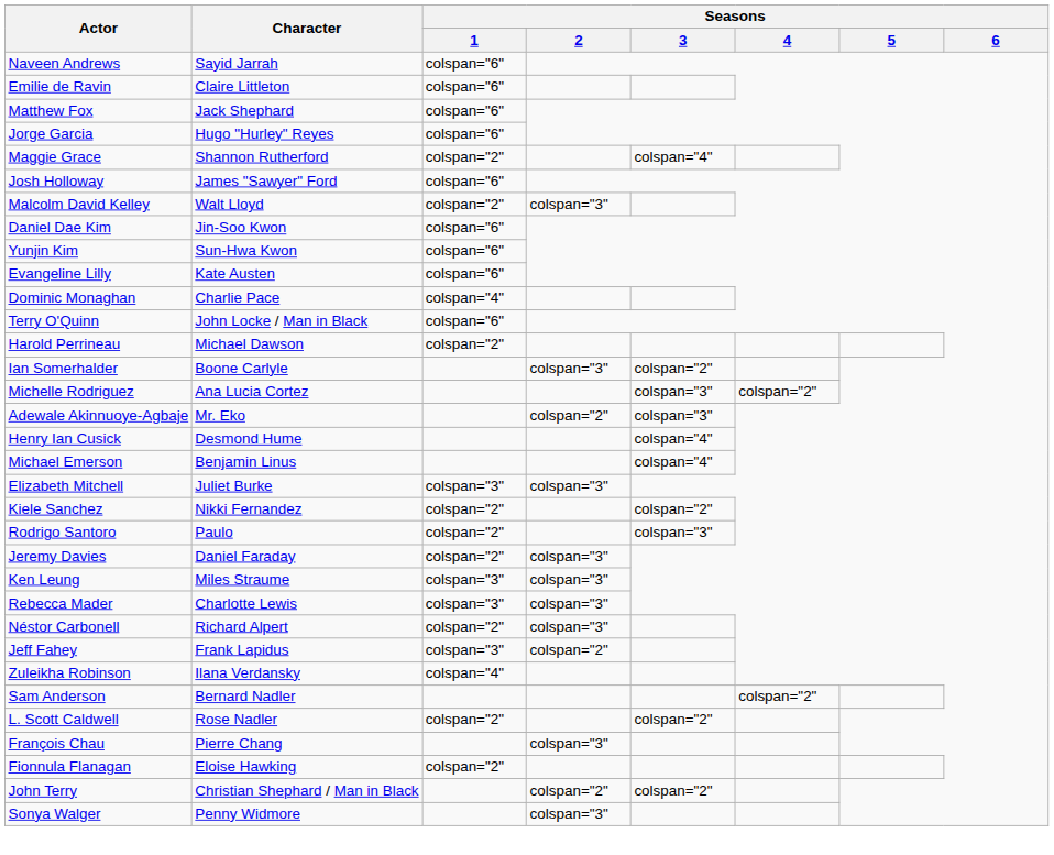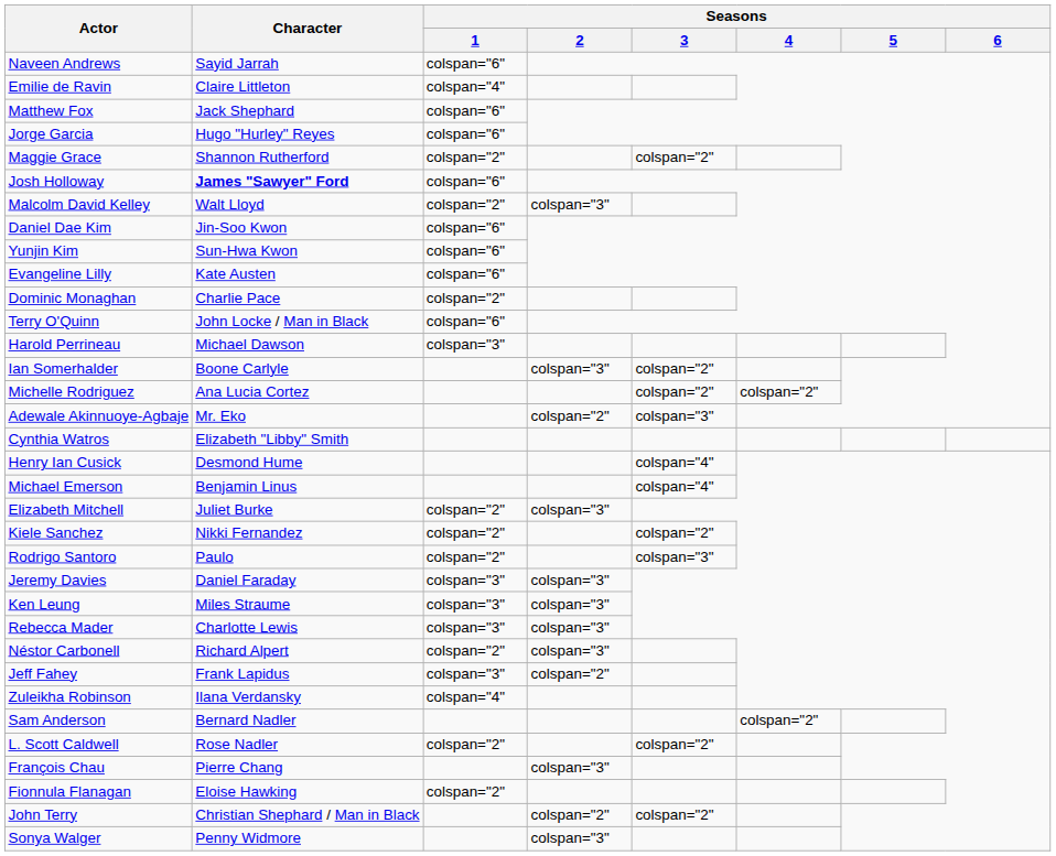 <table class="wikitable plainrowheaders">
 <tr>
 <th scope="col" rowspan="2">Actor</th>
 <th scope="col" rowspan="2">Character</th>
 <th scope="col" colspan="6">Seasons</th>
 </tr>
 <tr>
 <th scope="col" style="width:10%;"><a href='#'>1</a></th>
 <th scope="col" style="width:10%;"><a href='#'>2</a></th>
 <th scope="col" style="width:10%;"><a href='#'>3</a></th>
 <th scope="col" style="width:10%;"><a href='#'>4</a></th>
 <th scope="col" style="width:10%;"><a href='#'>5</a></th>
 <th scope="col" style="width:10%;"><a href='#'>6</a></th>
 </tr>
 <tr>
 <td scope="row"><a href='#'>Naveen Andrews</a></td>
 <td><a href='#'>Sayid Jarrah</a></td>
 <td>colspan="6" </td>
 </tr>
 <tr>
 <td scope="row"><a href='#'>Emilie de Ravin</a></td>
 <td><a href='#'>Claire Littleton</a></td>
-<td>colspan="6" </td>
+<td>colspan="4" </td>
 <td></td>
 <td></td>
 </tr>
 <tr>
 <td scope="row"><a href='#'>Matthew Fox</a></td>
 <td><a href='#'>Jack Shephard</a></td>
 <td>colspan="6" </td>
 </tr>
 <tr>
 <td scope="row"><a href='#'>Jorge Garcia</a></td>
 <td><a href='#'>Hugo "Hurley" Reyes</a></td>
 <td>colspan="6" </td>
 </tr>
 <tr .>
 <td scope="row"><a href='#'>Maggie Grace</a></td>
 <td><a href='#'>Shannon Rutherford</a></td>
 <td>colspan="2" </td>
 <td></td>
-<td>colspan="4" </td>
+<td>colspan="2" </td>
 <td></td>
 </tr>
 <tr>
 <td scope="row"><a href='#'>Josh Holloway</a></td>
-<td><a href='#'>James "Sawyer" Ford</a></td>
+<td><strong><a href='#'>James "Sawyer" Ford</a></strong></td>
 <td>colspan="6" </td>
 </tr>
 <tr>
 <td scope="row"><a href='#'>Malcolm David Kelley</a></td>
 <td><a href='#'>Walt Lloyd</a></td>
 <td>colspan="2" </td>
 <td>colspan="3" </td>
 <td></td>
 </tr>
 <tr>
 <td scope="row"><a href='#'>Daniel Dae Kim</a></td>
 <td><a href='#'>Jin-Soo Kwon</a></td>
 <td>colspan="6" </td>
 </tr>
 <tr>
 <td scope="row"><a href='#'>Yunjin Kim</a></td>
 <td><a href='#'>Sun-Hwa Kwon</a></td>
 <td>colspan="6" </td>
 </tr>
 <tr>
 <td scope="row"><a href='#'>Evangeline Lilly</a></td>
 <td><a href='#'>Kate Austen</a></td>
 <td>colspan="6" </td>
 </tr>
 <tr>
 <td scope="row"><a href='#'>Dominic Monaghan</a></td>
 <td><a href='#'>Charlie Pace</a></td>
-<td>colspan="4" </td>
+<td>colspan="2" </td>
 <td></td>
 <td></td>
 </tr>
 <tr>
 <td scope="row"><a href='#'>Terry O'Quinn</a></td>
 <td><a href='#'>John Locke</a> / <a href='#'>Man in Black</a></td>
 <td>colspan="6" </td>
 </tr>
 <tr>
 <td scope="row"><a href='#'>Harold Perrineau</a></td>
 <td><a href='#'>Michael Dawson</a></td>
-<td>colspan="2" </td>
+<td>colspan="3" </td>
 <td></td>
 <td></td>
 <td></td>
 <td></td>
 </tr>
 <tr>
 <td scope="row"><a href='#'>Ian Somerhalder</a></td>
 <td><a href='#'>Boone Carlyle</a></td>
 <td></td>
 <td>colspan="3" </td>
 <td>colspan="2" </td>
 <td></td>
 </tr>
 <tr>
 <td scope="row"><a href='#'>Michelle Rodriguez</a></td>
 <td><a href='#'>Ana Lucia Cortez</a></td>
 <td></td>
 <td></td>
-<td>colspan="3" </td>
+<td>colspan="2" </td>
 <td>colspan="2" </td>
 </tr>
 <tr>
 <td scope="row"><a href='#'>Adewale Akinnuoye-Agbaje</a></td>
 <td><a href='#'>Mr. Eko</a></td>
 <td></td>
 <td>colspan="2" </td>
 <td>colspan="3" </td>
+</tr>
+<tr>
+<td scope="row"><a href='#'>Cynthia Watros</a></td>
+<td><a href='#'>Elizabeth "Libby" Smith</a></td>
+<td></td>
+<td></td>
+<td></td>
+<td></td>
+<td></td>
+<td></td>
 </tr>
 <tr>
 <td scope="row"><a href='#'>Henry Ian Cusick</a></td>
 <td><a href='#'>Desmond Hume</a></td>
 <td></td>
 <td></td>
 <td>colspan="4" </td>
 </tr>
 <tr>
 <td scope="row"><a href='#'>Michael Emerson</a></td>
 <td><a href='#'>Benjamin Linus</a></td>
 <td></td>
 <td></td>
 <td>colspan="4" </td>
 </tr>
 <tr>
 <td scope="row"><a href='#'>Elizabeth Mitchell</a></td>
 <td><a href='#'>Juliet Burke</a></td>
-<td>colspan="3" </td>
+<td>colspan="2" </td>
 <td>colspan="3" </td>
 </tr>
 <tr>
 <td scope="row"><a href='#'>Kiele Sanchez</a></td>
 <td><a href='#'>Nikki Fernandez</a></td>
 <td>colspan="2" </td>
 <td></td>
 <td>colspan="2" </td>
 </tr>
 <tr>
 <td scope="row"><a href='#'>Rodrigo Santoro</a></td>
 <td><a href='#'>Paulo</a></td>
 <td>colspan="2" </td>
 <td></td>
 <td>colspan="3" </td>
 </tr>
 <tr>
 <td scope="row"><a href='#'>Jeremy Davies</a></td>
 <td><a href='#'>Daniel Faraday</a></td>
-<td>colspan="2" </td>
+<td>colspan="3" </td>
 <td>colspan="3" </td>
 </tr>
 <tr>
 <td scope="row"><a href='#'>Ken Leung</a></td>
 <td><a href='#'>Miles Straume</a></td>
 <td>colspan="3" </td>
 <td>colspan="3" </td>
 </tr>
 <tr>
 <td scope="row"><a href='#'>Rebecca Mader</a></td>
 <td><a href='#'>Charlotte Lewis</a></td>
 <td>colspan="3" </td>
 <td>colspan="3" </td>
 </tr>
 <tr>
 <td scope="row"><a href='#'>Néstor Carbonell</a></td>
 <td><a href='#'>Richard Alpert</a></td>
 <td>colspan="2" </td>
 <td>colspan="3" </td>
 <td></td>
 </tr>
 <tr>
 <td scope="row"><a href='#'>Jeff Fahey</a></td>
 <td><a href='#'>Frank Lapidus</a></td>
 <td>colspan="3" </td>
 <td>colspan="2" </td>
 <td></td>
 </tr>
 <tr>
 <td scope="row"><a href='#'>Zuleikha Robinson</a></td>
 <td><a href='#'>Ilana Verdansky</a></td>
 <td>colspan="4" </td>
 <td></td>
 <td></td>
 </tr>
 <tr>
 <td scope="row"><a href='#'>Sam Anderson</a></td>
 <td><a href='#'>Bernard Nadler</a></td>
 <td></td>
 <td></td>
 <td></td>
 <td>colspan="2" </td>
 <td></td>
 </tr>
 <tr>
 <td scope="row"><a href='#'>L. Scott Caldwell</a></td>
 <td><a href='#'>Rose Nadler</a></td>
 <td>colspan="2" </td>
 <td></td>
 <td>colspan="2" </td>
 <td></td>
 </tr>
 <tr>
 <td scope="row"><a href='#'>François Chau</a></td>
 <td><a href='#'>Pierre Chang</a></td>
 <td></td>
 <td>colspan="3" </td>
 <td></td>
 <td></td>
 </tr>
 <tr>
 <td scope="row"><a href='#'>Fionnula Flanagan</a></td>
 <td><a href='#'>Eloise Hawking</a></td>
 <td>colspan="2" </td>
 <td></td>
 <td></td>
 <td></td>
 <td></td>
 </tr>
 <tr>
 <td scope="row"><a href='#'>John Terry</a></td>
 <td><a href='#'>Christian Shephard</a> / <a href='#'>Man in Black</a></td>
 <td></td>
 <td>colspan="2" </td>
 <td>colspan="2" </td>
 <td></td>
 </tr>
 <tr>
 <td scope="row"><a href='#'>Sonya Walger</a></td>
 <td><a href='#'>Penny Widmore</a></td>
 <td></td>
 <td>colspan="3" </td>
 <td></td>
 <td></td>
 </tr>
 </table>
